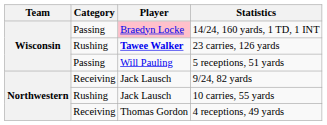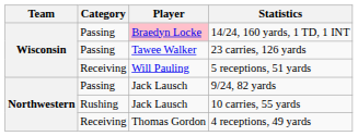 <table class="wikitable" style="float:right">
 <tr>
 <th>Team</th>
 <th>Category</th>
 <th>Player</th>
 <th>Statistics</th>
 </tr>
 <tr>
 <th rowspan=3>Wisconsin</th>
 <td>Passing</td>
 <td style="background: pink;"><a href='#'>Braedyn Locke</a></td>
 <td>14/24, 160 yards, 1 TD, 1 INT</td>
 </tr>
 <tr>
-<td>Rushing</td>
-<td><strong><a href='#'>Tawee Walker</a></strong></td>
+<td>Passing</td>
+<td><a href='#'>Tawee Walker</a></td>
 <td>23 carries, 126 yards</td>
 </tr>
 <tr>
-<td>Passing</td>
+<td>Receiving</td>
 <td><a href='#'>Will Pauling</a></td>
 <td>5 receptions, 51 yards</td>
 </tr>
 <tr>
 <th rowspan=3>Northwestern</th>
-<td>Receiving</td>
+<td>Passing</td>
 <td>Jack Lausch</td>
 <td>9/24, 82 yards</td>
 </tr>
 <tr>
 <td>Rushing</td>
 <td>Jack Lausch</td>
 <td>10 carries, 55 yards</td>
 </tr>
 <tr>
 <td>Receiving</td>
 <td>Thomas Gordon</td>
 <td>4 receptions, 49 yards</td>
 </tr>
 </table>
